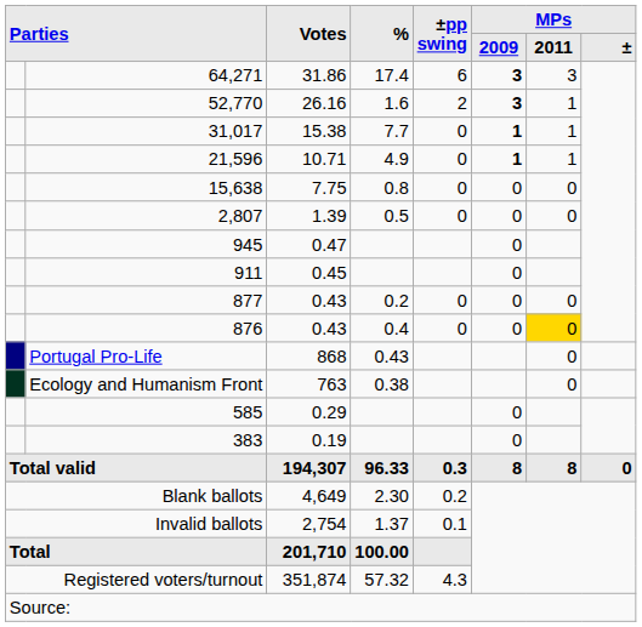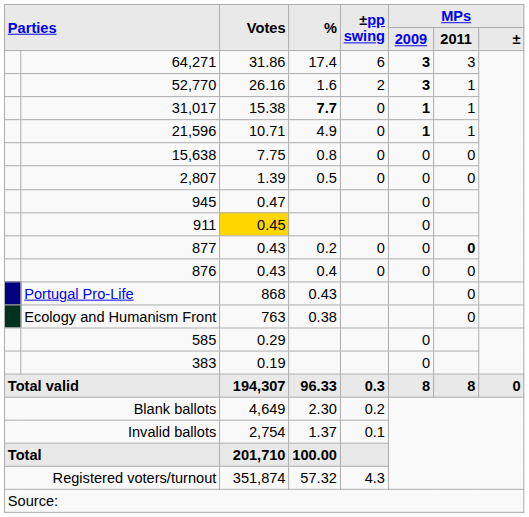 <table class="wikitable" style="text-align:right; font-size:95%;">
 <tr>
 <th rowspan="2" colspan="2" style="background:#e9e9e9; text-align:left;" alignleft><a href='#'>Parties</a></th>
 <th rowspan="2" style="background:#e9e9e9; text-align:right;">Votes</th>
 <th rowspan="2" style="background:#e9e9e9; text-align:right;">%</th>
 <th rowspan="2" style="background:#e9e9e9; text-align:right;">±<a href='#'>pp</a> <a href='#'>swing</a></th>
 <th colspan="3" style="background:#e9e9e9; text-align:center;"><a href='#'>MPs</a></th>
 </tr>
 <tr style="background-color:#E9E9E9">
 <th style="background-color:#E9E9E9;text-align:center;"><a href='#'>2009</a></th>
 <th style="background-color:#E9E9E9;text-align:center;">2011</th>
 <th style="background:#e9e9e9; text-align:right;">±</th>
 </tr>
 <tr>
 <td></td>
 <td>64,271</td>
 <td>31.86</td>
 <td>17.4</td>
 <td>6</td>
 <td><strong>3</strong></td>
 <td>3</td>
 </tr>
 <tr>
 <td></td>
 <td>52,770</td>
 <td>26.16</td>
 <td>1.6</td>
 <td>2</td>
 <td><strong>3</strong></td>
 <td>1</td>
 </tr>
 <tr>
 <td></td>
 <td>31,017</td>
 <td>15.38</td>
-<td>7.7</td>
+<td><strong>7.7</strong></td>
 <td>0</td>
 <td><strong>1</strong></td>
 <td>1</td>
 </tr>
 <tr>
 <td></td>
 <td>21,596</td>
 <td>10.71</td>
 <td>4.9</td>
 <td>0</td>
 <td><strong>1</strong></td>
 <td>1</td>
 </tr>
 <tr>
 <td></td>
 <td>15,638</td>
 <td>7.75</td>
 <td>0.8</td>
 <td>0</td>
 <td>0</td>
 <td>0</td>
 </tr>
 <tr>
 <td></td>
 <td>2,807</td>
 <td>1.39</td>
 <td>0.5</td>
 <td>0</td>
 <td>0</td>
 <td>0</td>
 </tr>
 <tr>
 <td></td>
 <td>945</td>
 <td>0.47</td>
 <td></td>
 <td></td>
 <td>0</td>
 <td></td>
 </tr>
 <tr>
 <td></td>
 <td>911</td>
-<td>0.45</td>
+<td style="background: gold;">0.45</td>
 <td></td>
 <td></td>
 <td>0</td>
 <td></td>
 </tr>
 <tr>
 <td></td>
 <td>877</td>
 <td>0.43</td>
 <td>0.2</td>
 <td>0</td>
 <td>0</td>
-<td>0</td>
+<td><strong>0</strong></td>
 </tr>
 <tr>
 <td></td>
 <td>876</td>
 <td>0.43</td>
 <td>0.4</td>
 <td>0</td>
 <td>0</td>
-<td style="background: gold;">0</td>
+<td>0</td>
 </tr>
 <tr>
 <td style="width:10px;background-color:#000080;text-align:center;"></td>
 <td style="text-align:left;"><a href='#'>Portugal Pro-Life</a></td>
 <td>868</td>
 <td>0.43</td>
 <td></td>
 <td></td>
 <td>0</td>
 <td></td>
 </tr>
 <tr>
 <td style="width:10px;background-color:#013220;text-align:center;"></td>
 <td style="text-align:left;">Ecology and Humanism Front </td>
 <td>763</td>
 <td>0.38</td>
 <td></td>
 <td></td>
 <td>0</td>
 <td></td>
 </tr>
 <tr>
 <td></td>
 <td>585</td>
 <td>0.29</td>
 <td></td>
 <td></td>
 <td>0</td>
 <td></td>
 </tr>
 <tr>
 <td></td>
 <td>383</td>
 <td>0.19</td>
 <td></td>
 <td></td>
 <td>0</td>
 <td></td>
 </tr>
 <tr>
 <td colspan=2 align=left style="background-color:#E9E9E9"><strong>Total valid</strong></td>
 <td width="65" align="right" style="background-color:#E9E9E9"><strong>194,307</strong></td>
 <td width="40" align="right" style="background-color:#E9E9E9"><strong>96.33</strong></td>
 <td width="40" align="right" style="background-color:#E9E9E9"><strong>0.3</strong></td>
 <td width="40" align="right" style="background-color:#E9E9E9"><strong>8</strong></td>
 <td width="40" align="right" style="background-color:#E9E9E9"><strong>8</strong></td>
 <td width="40" align="right" style="background-color:#E9E9E9"><strong>0</strong></td>
 </tr>
 <tr>
 <td colspan=2>Blank ballots</td>
 <td>4,649</td>
 <td>2.30</td>
 <td>0.2</td>
 <td colspan=4 rowspan=4></td>
 </tr>
 <tr>
 <td colspan=2>Invalid ballots</td>
 <td>2,754</td>
 <td>1.37</td>
 <td>0.1</td>
 </tr>
 <tr>
 <td colspan=2 align=left style="background-color:#E9E9E9"><strong>Total</strong></td>
 <td width="50" align="right" style="background-color:#E9E9E9"><strong>201,710</strong></td>
 <td width="40" align="right" style="background-color:#E9E9E9"><strong>100.00</strong></td>
 <td width="40" align="right" style="background-color:#E9E9E9"></td>
 </tr>
 <tr>
 <td colspan=2>Registered voters/turnout</td>
 <td>351,874</td>
 <td>57.32</td>
 <td>4.3</td>
 </tr>
 <tr>
 <td colspan=11 align=left>Source: </td>
 </tr>
 </table>
